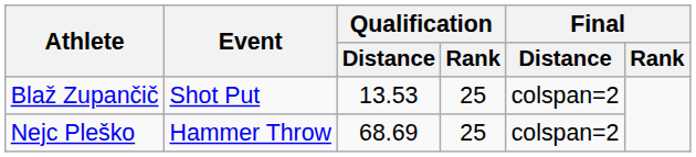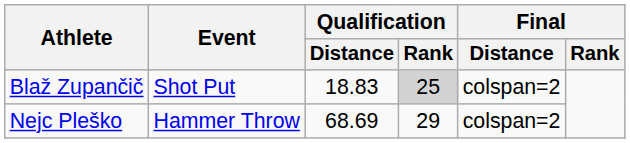 <table class="wikitable" style="font-size:90%">
 <tr>
 <th rowspan=2>Athlete</th>
 <th rowspan=2>Event</th>
 <th colspan=2>Qualification</th>
 <th colspan=2>Final</th>
 </tr>
 <tr style="font-size:95%">
 <th>Distance</th>
 <th>Rank</th>
 <th>Distance</th>
 <th>Rank</th>
 </tr>
 <tr align=center>
 <td align=left><a href='#'>Blaž Zupančič</a></td>
 <td style="text-align:left;" rowspan="1"><a href='#'>Shot Put</a></td>
-<td>13.53</td>
-<td>25</td>
+<td>18.83</td>
+<td style="background: lightgrey;">25</td>
 <td>colspan=2 </td>
 </tr>
 <tr align=center>
 <td align=left><a href='#'>Nejc Pleško</a></td>
 <td style="text-align:left;" rowspan="1"><a href='#'>Hammer Throw</a></td>
 <td>68.69</td>
-<td>25</td>
+<td>29</td>
 <td>colspan=2 </td>
 </tr>
 </table>
